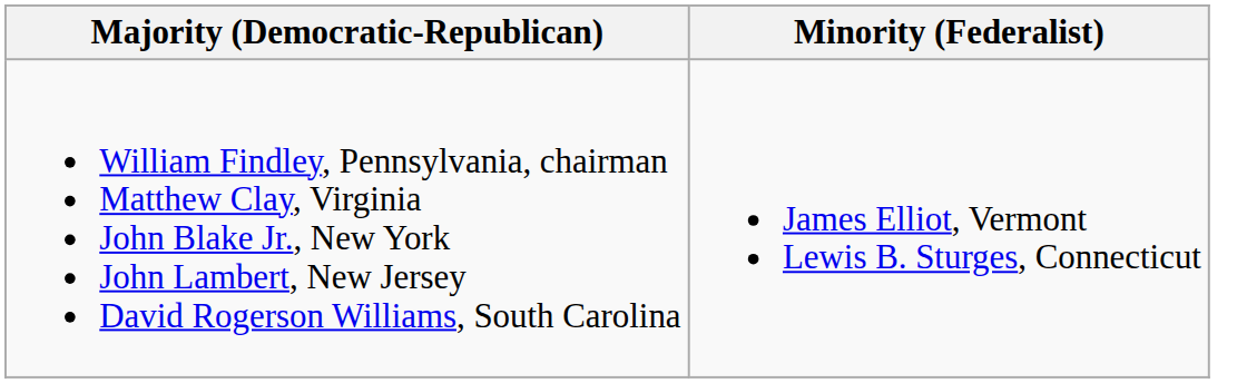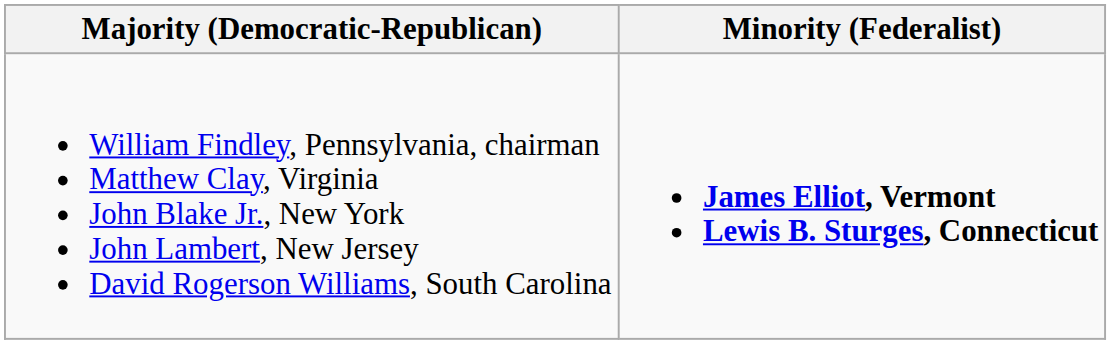 <table class=wikitable>
 <tr>
 <th>Majority (Democratic-Republican)</th>
 <th>Minority (Federalist)</th>
 </tr>
 <tr>
 <td><br><ul><li><a href='#'>William Findley</a>, Pennsylvania, chairman</li><li><a href='#'>Matthew Clay</a>, Virginia</li><li><a href='#'>John Blake Jr.</a>, New York</li><li><a href='#'>John Lambert</a>, New Jersey</li><li><a href='#'>David Rogerson Williams</a>, South Carolina</li></ul></td>
-<td><br><ul><li><a href='#'>James Elliot</a>, Vermont</li><li><a href='#'>Lewis B. Sturges</a>, Connecticut</li></ul></td>
+<td><strong><br><ul><li><a href='#'>James Elliot</a>, Vermont</li><li><a href='#'>Lewis B. Sturges</a>, Connecticut</li></ul></strong></td>
 </tr>
 </table>
